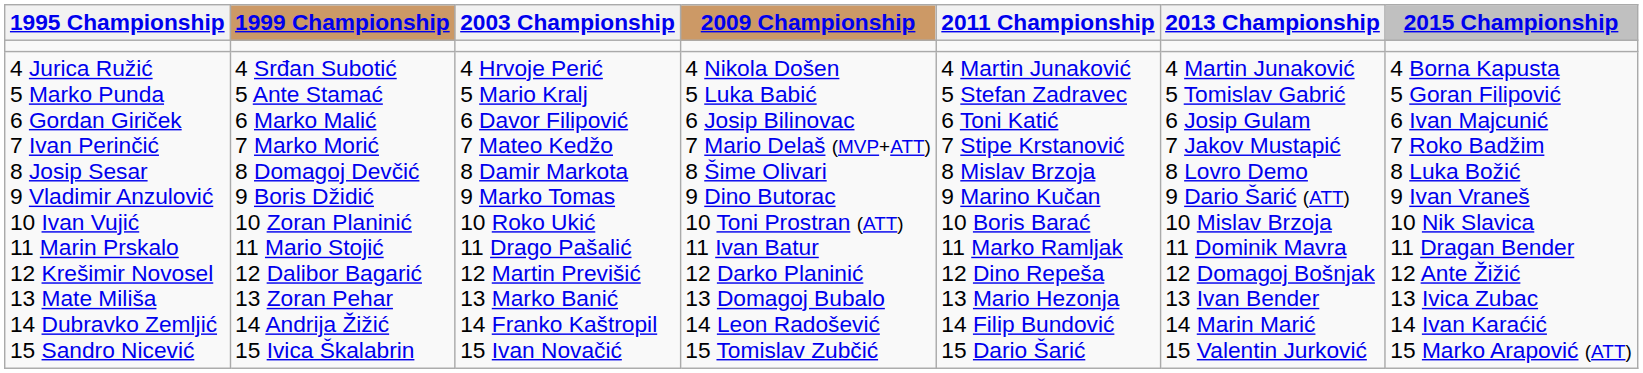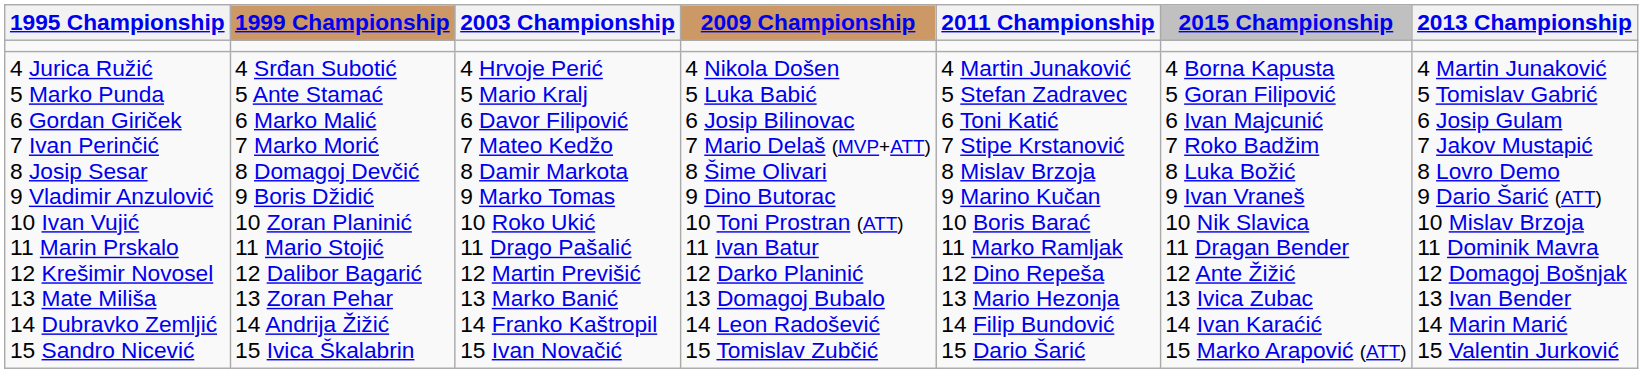 <table class="wikitable">
 <tr>
 <th><a href='#'>1995 Championship</a></th>
 <th style="background:#cc9966;"><a href='#'>1999 Championship</a></th>
 <th><a href='#'>2003 Championship</a></th>
 <th style="background:#cc9966;"><a href='#'>2009 Championship</a></th>
 <th><a href='#'>2011 Championship</a></th>
+<th style="background:silver;"><a href='#'>2015 Championship</a></th>
 <th><a href='#'>2013 Championship</a></th>
-<th style="background:silver;"><a href='#'>2015 Championship</a></th>
 </tr>
 <tr>
 <td></td>
 <td></td>
 <td></td>
 <td></td>
 <td></td>
 <td></td>
 <td></td>
 </tr>
 <tr>
 <td valign=top>4 <a href='#'>Jurica Ružić</a> <br>5 <a href='#'>Marko Punda</a> <br>6 <a href='#'>Gordan Giriček</a> <br>7 <a href='#'>Ivan Perinčić</a> <br>8 <a href='#'>Josip Sesar</a> <br>9 <a href='#'>Vladimir Anzulović</a> <br>10 <a href='#'>Ivan Vujić</a> <br>11 <a href='#'>Marin Prskalo</a> <br>12 <a href='#'>Krešimir Novosel</a> <br>13 <a href='#'>Mate Miliša</a> <br>14 <a href='#'>Dubravko Zemljić</a> <br>15 <a href='#'>Sandro Nicević</a></td>
 <td valign=top>4 <a href='#'>Srđan Subotić</a><br>5 <a href='#'>Ante Stamać</a><br>6 <a href='#'>Marko Malić</a><br>7 <a href='#'>Marko Morić</a><br>8 <a href='#'>Domagoj Devčić</a><br>9 <a href='#'>Boris Džidić</a><br>10 <a href='#'>Zoran Planinić</a><br>11 <a href='#'>Mario Stojić</a><br>12 <a href='#'>Dalibor Bagarić</a><br>13 <a href='#'>Zoran Pehar</a><br>14 <a href='#'>Andrija Žižić</a><br>15 <a href='#'>Ivica Škalabrin</a></td>
 <td valign=top>4 <a href='#'>Hrvoje Perić</a><br>5 <a href='#'>Mario Kralj</a><br>6 <a href='#'>Davor Filipović</a><br>7 <a href='#'>Mateo Kedžo</a><br>8 <a href='#'>Damir Markota</a><br>9 <a href='#'>Marko Tomas</a><br>10 <a href='#'>Roko Ukić</a><br>11 <a href='#'>Drago Pašalić</a><br>12 <a href='#'>Martin Previšić</a><br>13 <a href='#'>Marko Banić</a><br>14 <a href='#'>Franko Kaštropil</a><br>15 <a href='#'>Ivan Novačić</a></td>
 <td valign=top>4 <a href='#'>Nikola Došen</a><br>5 <a href='#'>Luka Babić</a><br>6 <a href='#'>Josip Bilinovac</a><br>7 <a href='#'>Mario Delaš</a> <small>(<a href='#'>MVP</a>+<a href='#'>ATT</a>)</small><br>8 <a href='#'>Šime Olivari</a><br>9 <a href='#'>Dino Butorac</a><br>10 <a href='#'>Toni Prostran</a> <small>(<a href='#'>ATT</a>)</small><br>11 <a href='#'>Ivan Batur</a><br>12 <a href='#'>Darko Planinić</a><br>13 <a href='#'>Domagoj Bubalo</a><br>14 <a href='#'>Leon Radošević</a><br>15 <a href='#'>Tomislav Zubčić</a></td>
 <td valign=top>4 <a href='#'>Martin Junaković</a><br>5 <a href='#'>Stefan Zadravec</a><br>6 <a href='#'>Toni Katić</a><br>7 <a href='#'>Stipe Krstanović</a><br>8 <a href='#'>Mislav Brzoja</a><br>9 <a href='#'>Marino Kučan</a><br>10 <a href='#'>Boris Barać</a><br>11 <a href='#'>Marko Ramljak</a><br>12 <a href='#'>Dino Repeša</a><br>13 <a href='#'>Mario Hezonja</a><br>14 <a href='#'>Filip Bundović</a><br>15 <a href='#'>Dario Šarić</a></td>
+<td valign=top>4 <a href='#'>Borna Kapusta</a><br>5 <a href='#'>Goran Filipović</a><br>6 <a href='#'>Ivan Majcunić</a><br>7 <a href='#'>Roko Badžim</a><br>8 <a href='#'>Luka Božić</a><br>9 <a href='#'>Ivan Vraneš</a><br>10 <a href='#'>Nik Slavica</a><br>11 <a href='#'>Dragan Bender</a><br>12 <a href='#'>Ante Žižić</a><br>13 <a href='#'>Ivica Zubac</a><br>14 <a href='#'>Ivan Karaćić</a><br>15 <a href='#'>Marko Arapović</a> <small>(<a href='#'>ATT</a>)</small></td>
 <td valign=top>4 <a href='#'>Martin Junaković</a><br>5 <a href='#'>Tomislav Gabrić</a><br>6 <a href='#'>Josip Gulam</a><br>7 <a href='#'>Jakov Mustapić</a><br>8 <a href='#'>Lovro Demo</a><br>9 <a href='#'>Dario Šarić</a> <small>(<a href='#'>ATT</a>)</small><br>10 <a href='#'>Mislav Brzoja</a><br>11 <a href='#'>Dominik Mavra</a><br>12 <a href='#'>Domagoj Bošnjak</a><br>13 <a href='#'>Ivan Bender</a><br>14 <a href='#'>Marin Marić</a><br>15 <a href='#'>Valentin Jurković</a></td>
-<td valign=top>4 <a href='#'>Borna Kapusta</a><br>5 <a href='#'>Goran Filipović</a><br>6 <a href='#'>Ivan Majcunić</a><br>7 <a href='#'>Roko Badžim</a><br>8 <a href='#'>Luka Božić</a><br>9 <a href='#'>Ivan Vraneš</a><br>10 <a href='#'>Nik Slavica</a><br>11 <a href='#'>Dragan Bender</a><br>12 <a href='#'>Ante Žižić</a><br>13 <a href='#'>Ivica Zubac</a><br>14 <a href='#'>Ivan Karaćić</a><br>15 <a href='#'>Marko Arapović</a> <small>(<a href='#'>ATT</a>)</small></td>
 </tr>
 </table>
